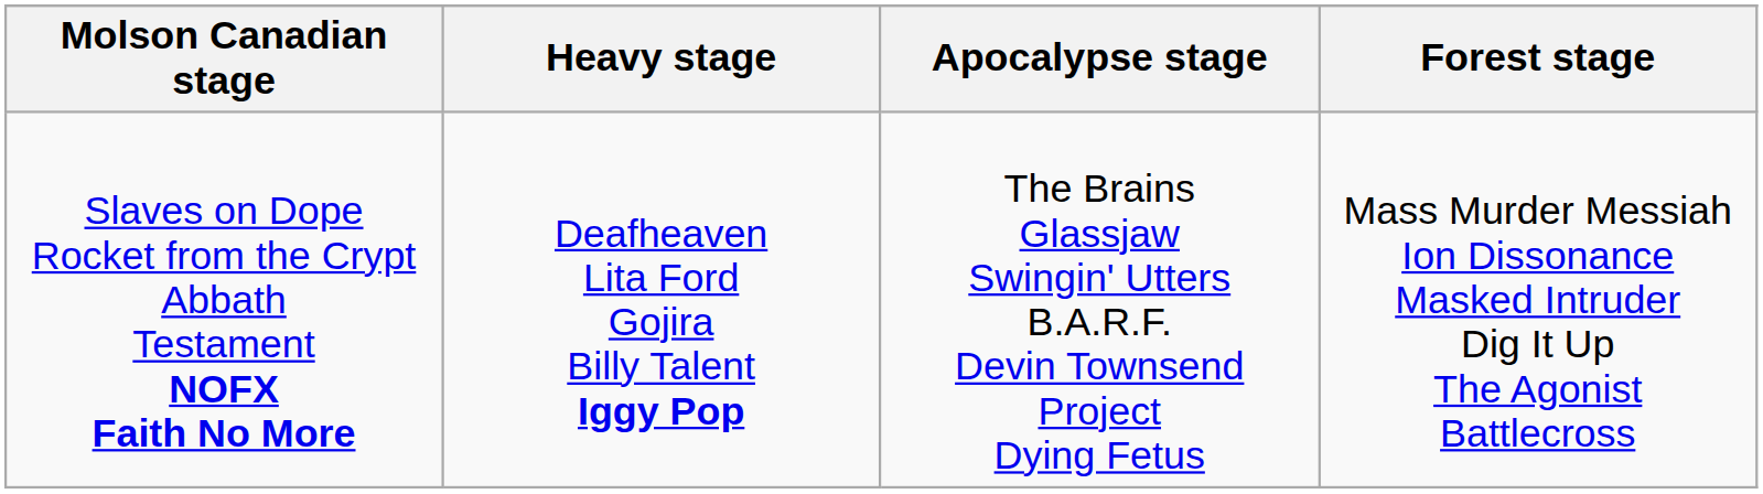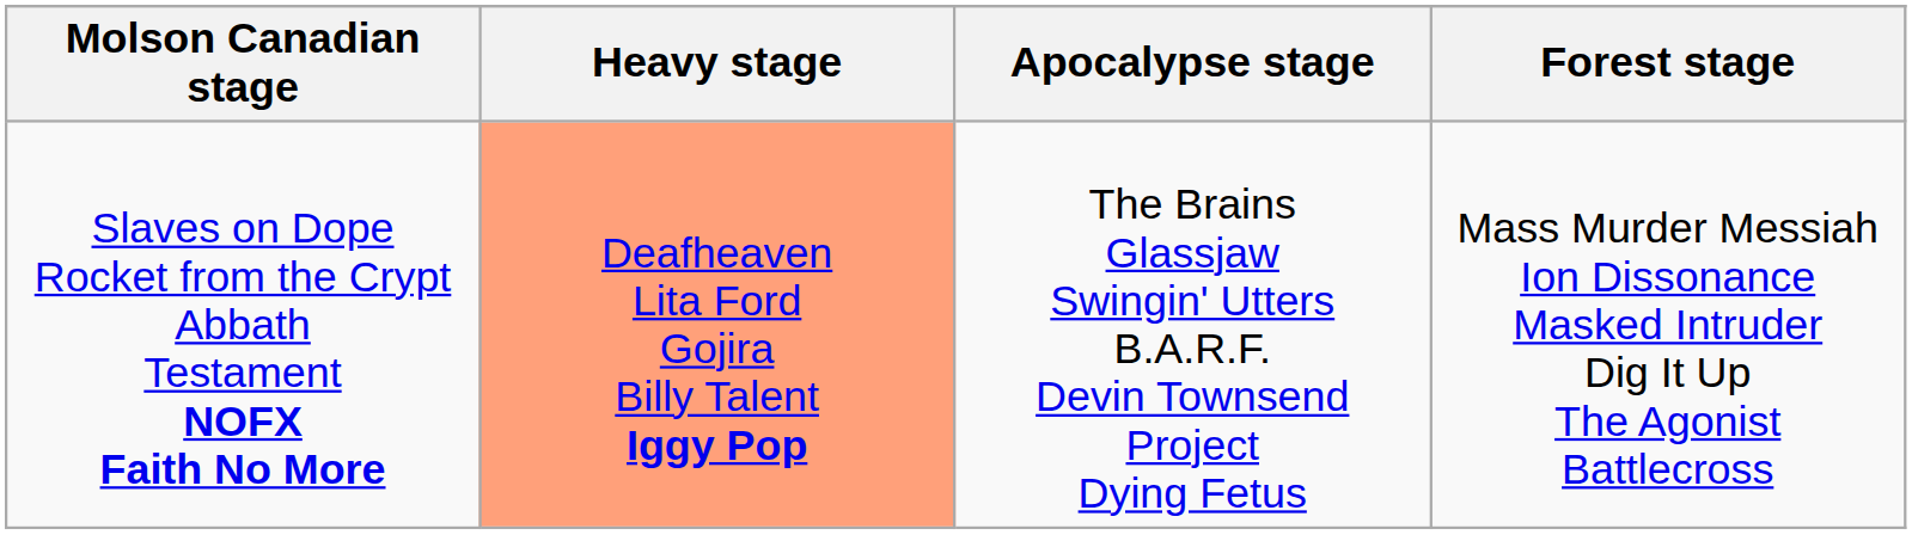 <table class="wikitable" style="text-align:center; vertical-align:top; width:710px">
 <tr>
 </tr>
 <tr>
 <th>Molson Canadian stage</th>
 <th>Heavy stage</th>
 <th>Apocalypse stage</th>
 <th>Forest stage</th>
 </tr>
 <tr>
 <td style="width:175px;"><br><a href='#'>Slaves on Dope</a><br> <a href='#'>Rocket from the Crypt</a><br> <a href='#'>Abbath</a><br> <a href='#'>Testament</a><br> <strong><a href='#'>NOFX</a></strong><br> <strong><a href='#'>Faith No More</a></strong></td>
-<td style="width:175px;"><br><a href='#'>Deafheaven</a><br> <a href='#'>Lita Ford</a><br> <a href='#'>Gojira</a><br> <a href='#'>Billy Talent</a><br> <strong><a href='#'>Iggy Pop</a></strong></td>
+<td style="background: lightsalmon; width:175px;"><br><a href='#'>Deafheaven</a><br> <a href='#'>Lita Ford</a><br> <a href='#'>Gojira</a><br> <a href='#'>Billy Talent</a><br> <strong><a href='#'>Iggy Pop</a></strong></td>
 <td style="width:175px;"><br>The Brains<br> <a href='#'>Glassjaw</a><br> <a href='#'>Swingin' Utters</a><br> B.A.R.F.<br> <a href='#'>Devin Townsend Project</a><br> <a href='#'>Dying Fetus</a></td>
 <td style="width:175px;"><br>Mass Murder Messiah<br> <a href='#'>Ion Dissonance</a><br> <a href='#'>Masked Intruder</a><br> Dig It Up<br> <a href='#'>The Agonist</a><br> <a href='#'>Battlecross</a></td>
 </tr>
 </table>
